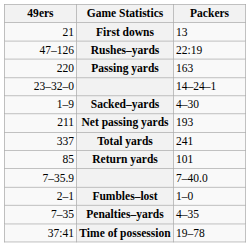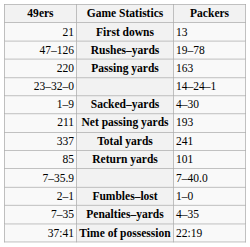 <table class="wikitable" style="margin: 1em auto 1em auto">
 <tr>
 <th style="width:30%;">49ers</th>
 <th style="width:40%;">Game Statistics</th>
 <th style="width:30%;">Packers</th>
 </tr>
 <tr>
 <td style="text-align:right;">21</td>
 <th>First downs</th>
 <td>13</td>
 </tr>
 <tr>
 <td style="text-align:right;">47–126</td>
 <th>Rushes–yards</th>
-<td>22:19</td>
+<td>19–78</td>
 </tr>
 <tr>
 <td style="text-align:right;">220</td>
 <th>Passing yards</th>
 <td>163</td>
 </tr>
 <tr>
 <td style="text-align:right;">23–32–0</td>
 <th></th>
 <td>14–24–1</td>
 </tr>
 <tr>
 <td style="text-align:right;">1–9</td>
 <th>Sacked–yards</th>
 <td>4–30</td>
 </tr>
 <tr>
 <td style="text-align:right;">211</td>
 <th>Net passing yards</th>
 <td>193</td>
 </tr>
 <tr>
 <td style="text-align:right;">337</td>
 <th>Total yards</th>
 <td>241</td>
 </tr>
 <tr>
 <td style="text-align:right;">85</td>
 <th>Return yards</th>
 <td>101</td>
 </tr>
 <tr>
 <td style="text-align:right;">7–35.9</td>
 <th></th>
 <td>7–40.0</td>
 </tr>
 <tr>
 <td style="text-align:right;">2–1</td>
 <th>Fumbles–lost</th>
 <td>1–0</td>
 </tr>
 <tr>
 <td style="text-align:right;">7–35</td>
 <th>Penalties–yards</th>
 <td>4–35</td>
 </tr>
 <tr>
 <td style="text-align:right;">37:41</td>
 <th>Time of possession</th>
-<td>19–78</td>
+<td>22:19</td>
 </tr>
 </table>
